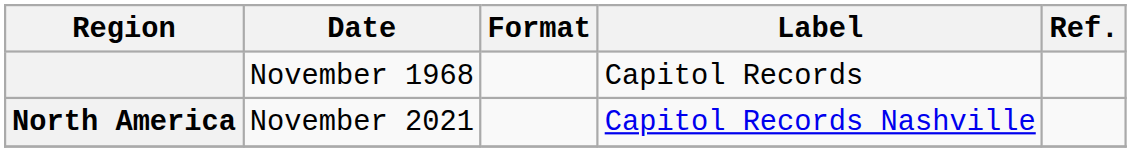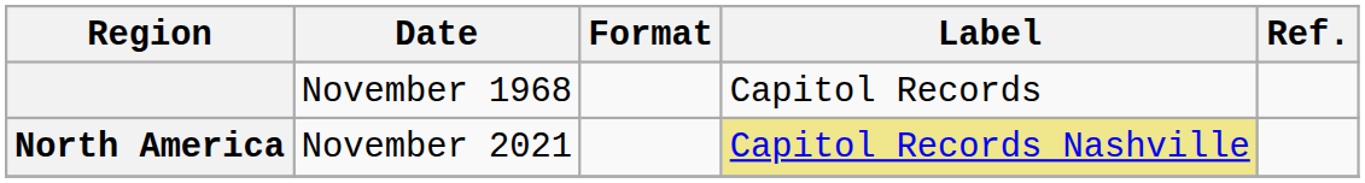 <table class="wikitable plainrowheaders">
 <tr>
 <th scope="col">Region</th>
 <th scope="col">Date</th>
 <th scope="col">Format</th>
 <th scope="col">Label</th>
 <th scope="col">Ref.</th>
 </tr>
 <tr>
 <th scope="row"></th>
 <td>November 1968</td>
 <td></td>
 <td>Capitol Records</td>
 <td></td>
 </tr>
 <tr>
 <th scope="row">North America</th>
 <td>November 2021</td>
 <td></td>
-<td><a href='#'>Capitol Records Nashville</a></td>
+<td style="background: khaki;"><a href='#'>Capitol Records Nashville</a></td>
 <td></td>
 </tr>
 <tr>
 </tr>
 </table>
